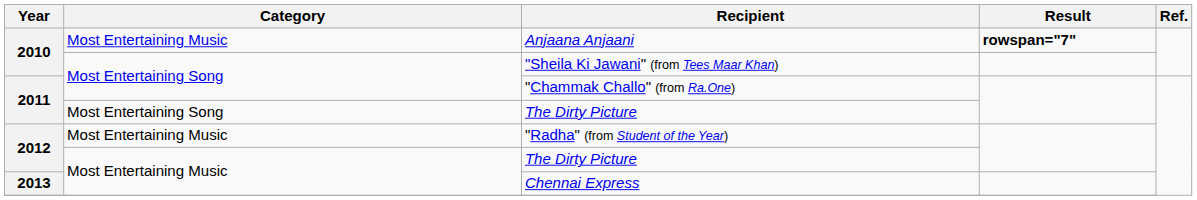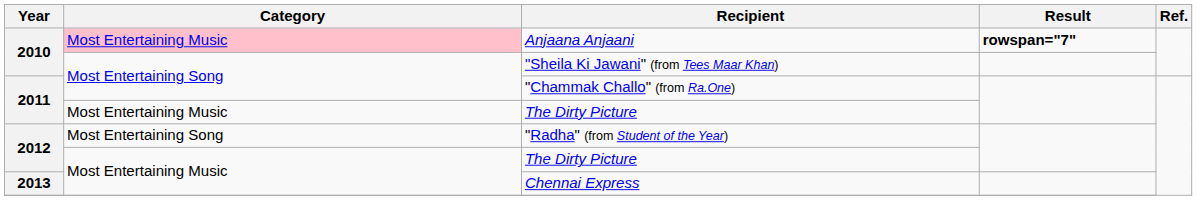 <table class="wikitable plainrowheaders" width="100%" "textcolor:#000;">
 <tr>
 <th scope="col" width=5%><strong>Year</strong></th>
 <th scope="col" width=39%><strong>Category</strong></th>
 <th scope="col" width=39%><strong>Recipient</strong></th>
 <th scope="col" width=15%><strong>Result</strong></th>
 <th scope="col" width=2%><strong>Ref.</strong></th>
 </tr>
 <tr>
 <th scope="row" rowspan="2">2010</th>
-<td><a href='#'>Most Entertaining Music</a></td>
+<td style="background: pink;"><a href='#'>Most Entertaining Music</a></td>
 <td><em><a href='#'>Anjaana Anjaani</a></em></td>
 <td><strong>rowspan="7" </strong></td>
 <td rowspan="2"></td>
 </tr>
 <tr>
 <td rowspan="2"><a href='#'>Most Entertaining Song</a></td>
 <td><a href='#'>"</a><a href='#'>Sheila Ki Jawani</a>" <small>(from <a href='#'><em>Tees Maar Khan</em></a>)</small></td>
 </tr>
 <tr>
 <th scope="row" rowspan="2">2011</th>
 <td>"<a href='#'>Chammak Challo</a>" <small>(from <em><a href='#'>Ra.One</a></em>)</small></td>
 <td rowspan="2"></td>
 </tr>
 <tr>
-<td>Most Entertaining Song</td>
+<td>Most Entertaining Music</td>
 <td><em><a href='#'>The Dirty Picture</a></em></td>
 </tr>
 <tr>
 <th scope="row" rowspan="2">2012</th>
-<td>Most Entertaining Music</td>
+<td>Most Entertaining Song</td>
 <td>"<a href='#'>Radha</a>" <small>(from <em><a href='#'>Student of the Year</a></em>)</small></td>
 <td rowspan="2"></td>
 </tr>
 <tr>
 <td rowspan="2">Most Entertaining Music</td>
 <td><em><a href='#'>The Dirty Picture</a></em></td>
 </tr>
 <tr>
 <th scope="row">2013</th>
 <td><em><a href='#'>Chennai Express</a></em></td>
 <td></td>
 </tr>
 <tr>
 </tr>
 </table>
